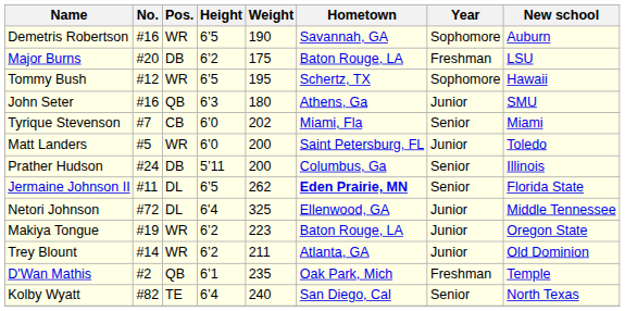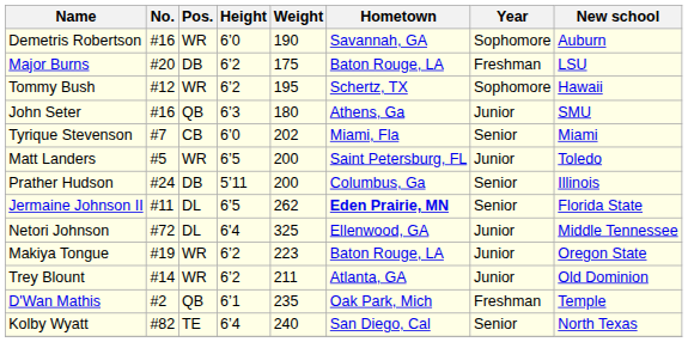 <table class="wikitable sortable">
 <tr>
 <th>Name</th>
 <th>No.</th>
 <th>Pos.</th>
 <th>Height</th>
 <th>Weight</th>
 <th>Hometown</th>
 <th>Year</th>
 <th class="unsortable">New school</th>
 </tr>
 <tr style="background:#FFFFE6;">
 <td>Demetris Robertson</td>
 <td>#16</td>
 <td>WR</td>
-<td>6’5</td>
+<td>6’0</td>
 <td>190</td>
 <td><a href='#'>Savannah, GA</a></td>
 <td>Sophomore</td>
 <td><a href='#'>Auburn</a></td>
 </tr>
 <tr style="background:#FFFFE6;">
 <td><a href='#'>Major Burns</a></td>
 <td>#20</td>
 <td>DB</td>
 <td>6’2</td>
 <td>175</td>
 <td><a href='#'>Baton Rouge, LA</a></td>
 <td>Freshman</td>
 <td><a href='#'>LSU</a></td>
 </tr>
 <tr style="background:#FFFFE6;">
 <td>Tommy Bush</td>
 <td>#12</td>
 <td>WR</td>
-<td>6’5</td>
+<td>6’2</td>
 <td>195</td>
 <td><a href='#'>Schertz, TX</a></td>
 <td> Sophomore</td>
 <td><a href='#'>Hawaii</a></td>
 </tr>
 <tr style="background:#FFFFE6;">
 <td>John Seter</td>
 <td>#16</td>
 <td>QB</td>
 <td>6’3</td>
 <td>180</td>
 <td><a href='#'>Athens, Ga</a></td>
 <td>Junior</td>
 <td><a href='#'>SMU</a></td>
 </tr>
 <tr style="background:#FFFFE6;">
 <td>Tyrique Stevenson</td>
 <td>#7</td>
 <td>CB</td>
 <td>6’0</td>
 <td>202</td>
 <td><a href='#'>Miami, Fla</a></td>
 <td>Senior</td>
 <td><a href='#'>Miami</a></td>
 </tr>
 <tr style="background:#FFFFE6;">
 <td>Matt Landers</td>
 <td>#5</td>
 <td>WR</td>
-<td>6’0</td>
+<td>6’5</td>
 <td>200</td>
 <td><a href='#'>Saint Petersburg, FL</a></td>
 <td>Junior</td>
 <td><a href='#'>Toledo</a></td>
 </tr>
 <tr style="background:#FFFFE6;">
 <td>Prather Hudson</td>
 <td>#24</td>
 <td>DB</td>
 <td>5’11</td>
 <td>200</td>
 <td><a href='#'>Columbus, Ga</a></td>
 <td>Senior</td>
 <td><a href='#'>Illinois</a></td>
 </tr>
 <tr style="background:#FFFFE6;">
 <td><a href='#'>Jermaine Johnson II</a></td>
 <td>#11</td>
 <td>DL</td>
 <td>6’5</td>
 <td>262</td>
 <td><strong><a href='#'>Eden Prairie, MN</a></strong></td>
 <td> Senior</td>
 <td><a href='#'>Florida State</a></td>
 </tr>
 <tr style="background:#FFFFE6;">
 <td>Netori Johnson</td>
 <td>#72</td>
 <td>DL</td>
 <td>6'4</td>
 <td>325</td>
 <td><a href='#'>Ellenwood, GA</a></td>
 <td> Junior</td>
 <td><a href='#'>Middle Tennessee</a></td>
 </tr>
 <tr style="background:#FFFFE6;">
 <td>Makiya Tongue</td>
 <td>#19</td>
 <td>WR</td>
 <td>6’2</td>
 <td>223</td>
 <td><a href='#'>Baton Rouge, LA</a></td>
 <td>Junior</td>
 <td><a href='#'>Oregon State</a></td>
 </tr>
 <tr style="background:#FFFFE6;">
 <td>Trey Blount</td>
 <td>#14</td>
 <td>WR</td>
 <td>6’2</td>
 <td>211</td>
 <td><a href='#'>Atlanta, GA</a></td>
 <td>Junior</td>
 <td><a href='#'>Old Dominion</a></td>
 </tr>
 <tr style="background:#FFFFE6;">
 <td><a href='#'>D'Wan Mathis</a></td>
 <td>#2</td>
 <td>QB</td>
 <td>6’1</td>
 <td>235</td>
 <td><a href='#'>Oak Park, Mich</a></td>
 <td> Freshman</td>
 <td><a href='#'>Temple</a></td>
 </tr>
 <tr style="background:#FFFFE6;">
 <td>Kolby Wyatt</td>
 <td>#82</td>
 <td>TE</td>
 <td>6’4</td>
 <td>240</td>
 <td><a href='#'>San Diego, Cal</a></td>
 <td>Senior</td>
 <td><a href='#'>North Texas</a></td>
 </tr>
 <tr>
 </tr>
 </table>
